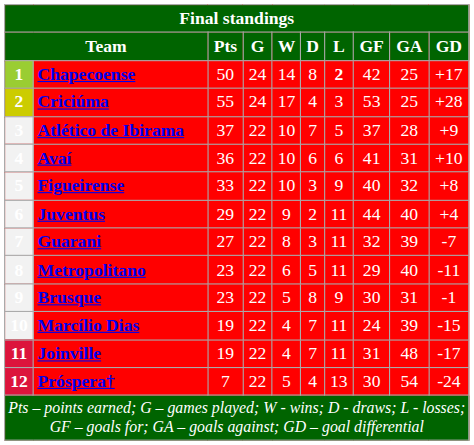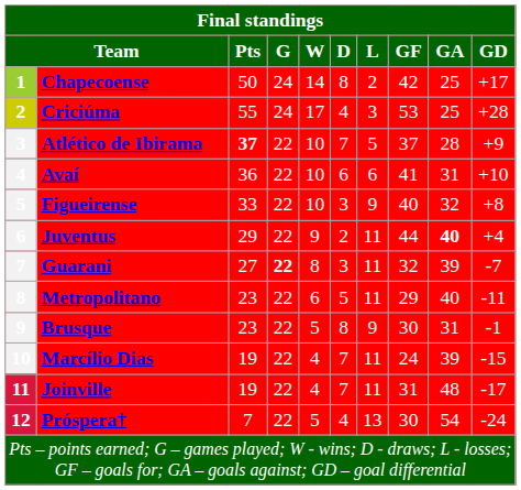 <table class="wikitable" style="text-align:center; color:white; background:#ff0000">
 <tr>
 <th style="background:#006400" colspan="10">Final standings</th>
 </tr>
 <tr>
 <th style="background:#006400" colspan="2">Team</th>
 <th style="background:#006400">Pts</th>
 <th style="background:#006400">G</th>
 <th style="background:#006400">W</th>
 <th style="background:#006400">D</th>
 <th style="background:#006400">L</th>
 <th style="background:#006400">GF</th>
 <th style="background:#006400">GA</th>
 <th style="background:#006400">GD</th>
 </tr>
 <tr>
 <th style="background:#9ACD32">1</th>
 <td align="left"><strong><a href='#'><span>Chapecoense</span></a></strong></td>
 <td>50</td>
 <td>24</td>
 <td>14</td>
 <td>8</td>
-<td><strong>2</strong></td>
+<td>2</td>
 <td>42</td>
 <td>25</td>
 <td>+17</td>
 </tr>
 <tr>
 <th style="background:#CCCC00">2</th>
 <td align="left"><strong><a href='#'><span>Criciúma</span></a></strong></td>
 <td>55</td>
 <td>24</td>
 <td>17</td>
 <td>4</td>
 <td>3</td>
 <td>53</td>
 <td>25</td>
 <td>+28</td>
 </tr>
 <tr>
 <th>3</th>
 <td align="left"><strong><a href='#'><span>Atlético de Ibirama</span></a></strong></td>
-<td>37</td>
+<td><strong>37</strong></td>
 <td>22</td>
 <td>10</td>
 <td>7</td>
 <td>5</td>
 <td>37</td>
 <td>28</td>
 <td>+9</td>
 </tr>
 <tr>
 <th>4</th>
 <td align="left"><strong><a href='#'><span>Avaí</span></a></strong></td>
 <td>36</td>
 <td>22</td>
 <td>10</td>
 <td>6</td>
 <td>6</td>
 <td>41</td>
 <td>31</td>
 <td>+10</td>
 </tr>
 <tr>
 <th>5</th>
 <td align="left"><strong><a href='#'><span>Figueirense</span></a></strong></td>
 <td>33</td>
 <td>22</td>
 <td>10</td>
 <td>3</td>
 <td>9</td>
 <td>40</td>
 <td>32</td>
 <td>+8</td>
 </tr>
 <tr>
 <th>6</th>
 <td align="left"><strong><a href='#'><span>Juventus</span></a></strong></td>
 <td>29</td>
 <td>22</td>
 <td>9</td>
 <td>2</td>
 <td>11</td>
 <td>44</td>
-<td>40</td>
+<td><strong>40</strong></td>
 <td>+4</td>
 </tr>
 <tr>
 <th>7</th>
 <td align="left"><strong><a href='#'><span>Guarani</span></a></strong></td>
 <td>27</td>
-<td>22</td>
+<td><strong>22</strong></td>
 <td>8</td>
 <td>3</td>
 <td>11</td>
 <td>32</td>
 <td>39</td>
 <td>-7</td>
 </tr>
 <tr>
 <th>8</th>
 <td align="left"><strong><a href='#'><span>Metropolitano</span></a></strong></td>
 <td>23</td>
 <td>22</td>
 <td>6</td>
 <td>5</td>
 <td>11</td>
 <td>29</td>
 <td>40</td>
 <td>-11</td>
 </tr>
 <tr>
 <th>9</th>
 <td align="left"><strong><a href='#'><span>Brusque</span></a></strong></td>
 <td>23</td>
 <td>22</td>
 <td>5</td>
 <td>8</td>
 <td>9</td>
 <td>30</td>
 <td>31</td>
 <td>-1</td>
 </tr>
 <tr>
 <th>10</th>
 <td align="left"><strong><a href='#'><span>Marcílio Dias</span></a></strong></td>
 <td>19</td>
 <td>22</td>
 <td>4</td>
 <td>7</td>
 <td>11</td>
 <td>24</td>
 <td>39</td>
 <td>-15</td>
 </tr>
 <tr>
 <th style="background:#DC143C">11</th>
 <td align="left"><strong><a href='#'><span>Joinville</span></a></strong></td>
 <td>19</td>
 <td>22</td>
 <td>4</td>
 <td>7</td>
 <td>11</td>
 <td>31</td>
 <td>48</td>
 <td>-17</td>
 </tr>
 <tr>
 <th style="background:#DC143C">12</th>
 <td align="left"><strong><a href='#'><span>Próspera†</span></a></strong></td>
 <td>7</td>
 <td>22</td>
 <td>5</td>
 <td>4</td>
 <td>13</td>
 <td>30</td>
 <td>54</td>
 <td>-24</td>
 </tr>
 <tr>
 <td colspan="10" style="background:#006400; font-size:90%; font-style:italic">Pts – points earned; G – games played; W - wins; D - draws; L - losses;<br>GF – goals for; GA – goals against; GD – goal differential</td>
 </tr>
 </table>
